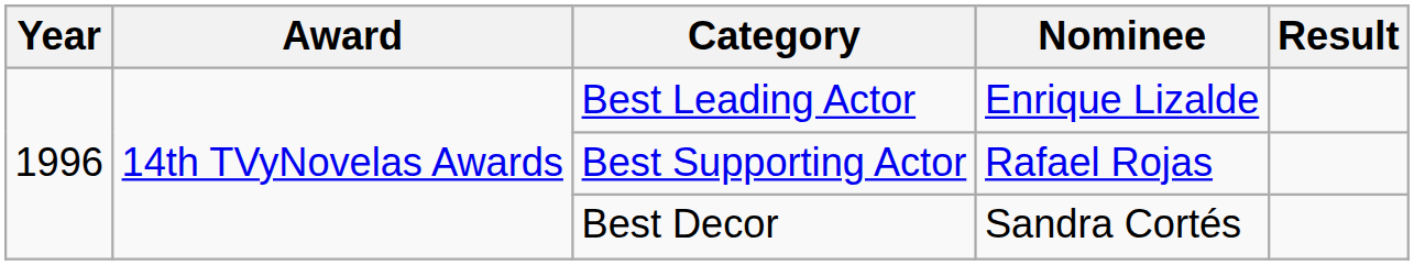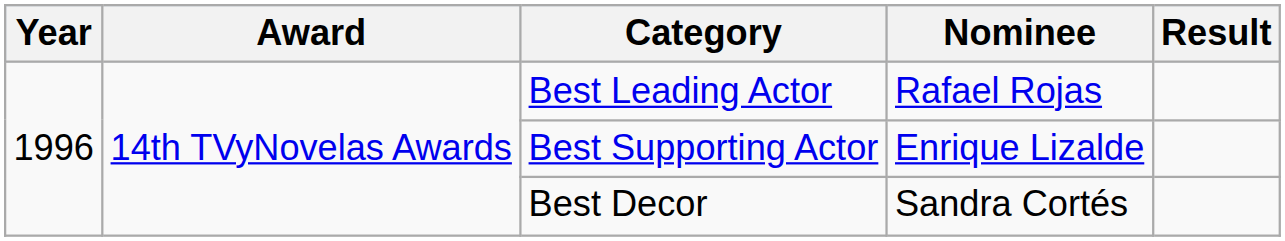 <table class="wikitable">
 <tr style="background:#b0c4de;">
 <th>Year</th>
 <th>Award</th>
 <th>Category</th>
 <th>Nominee</th>
 <th>Result</th>
 </tr>
 <tr>
 <td rowspan=3>1996</td>
 <td rowspan=3><a href='#'>14th TVyNovelas Awards</a></td>
 <td><a href='#'>Best Leading Actor</a></td>
-<td><a href='#'>Enrique Lizalde</a></td>
+<td><a href='#'>Rafael Rojas</a></td>
 <td></td>
 </tr>
 <tr>
 <td><a href='#'>Best Supporting Actor</a></td>
-<td><a href='#'>Rafael Rojas</a></td>
+<td><a href='#'>Enrique Lizalde</a></td>
 <td></td>
 </tr>
 <tr>
 <td>Best Decor</td>
 <td>Sandra Cortés</td>
 <td></td>
 </tr>
 </table>
